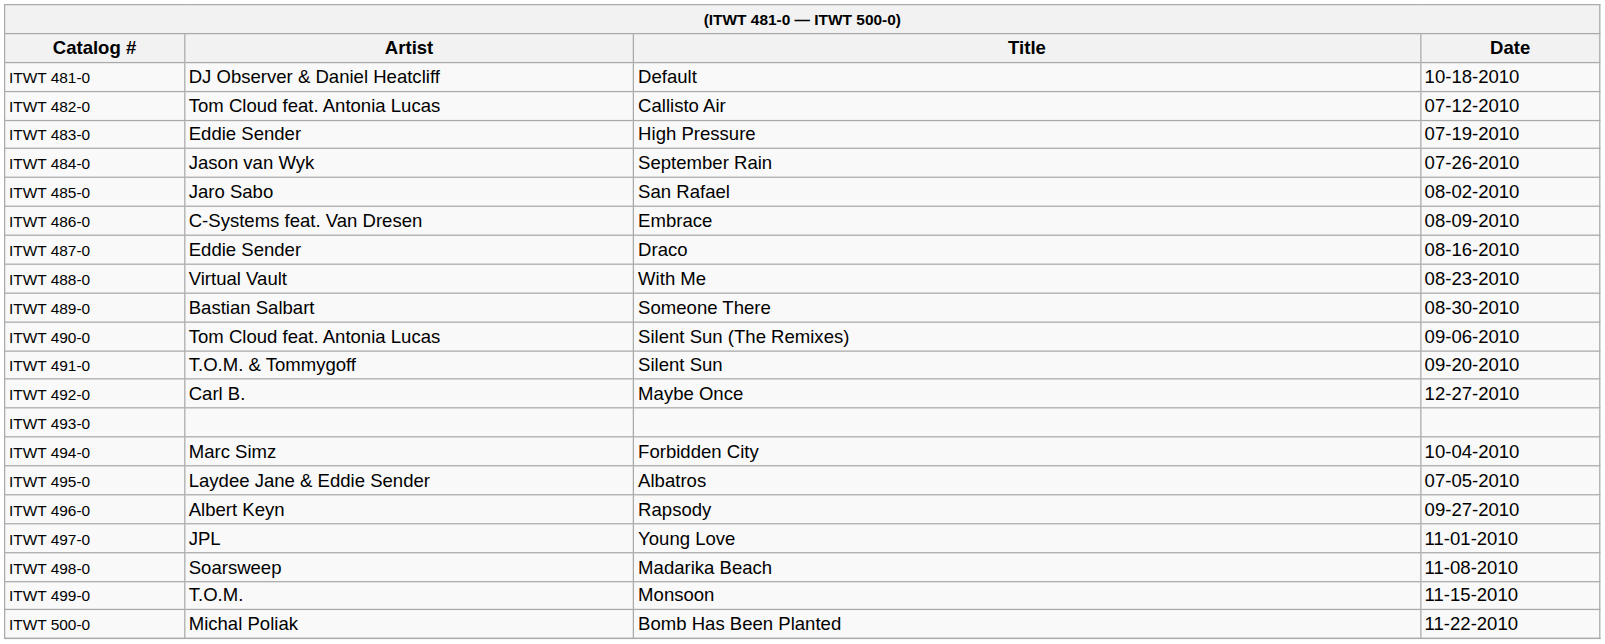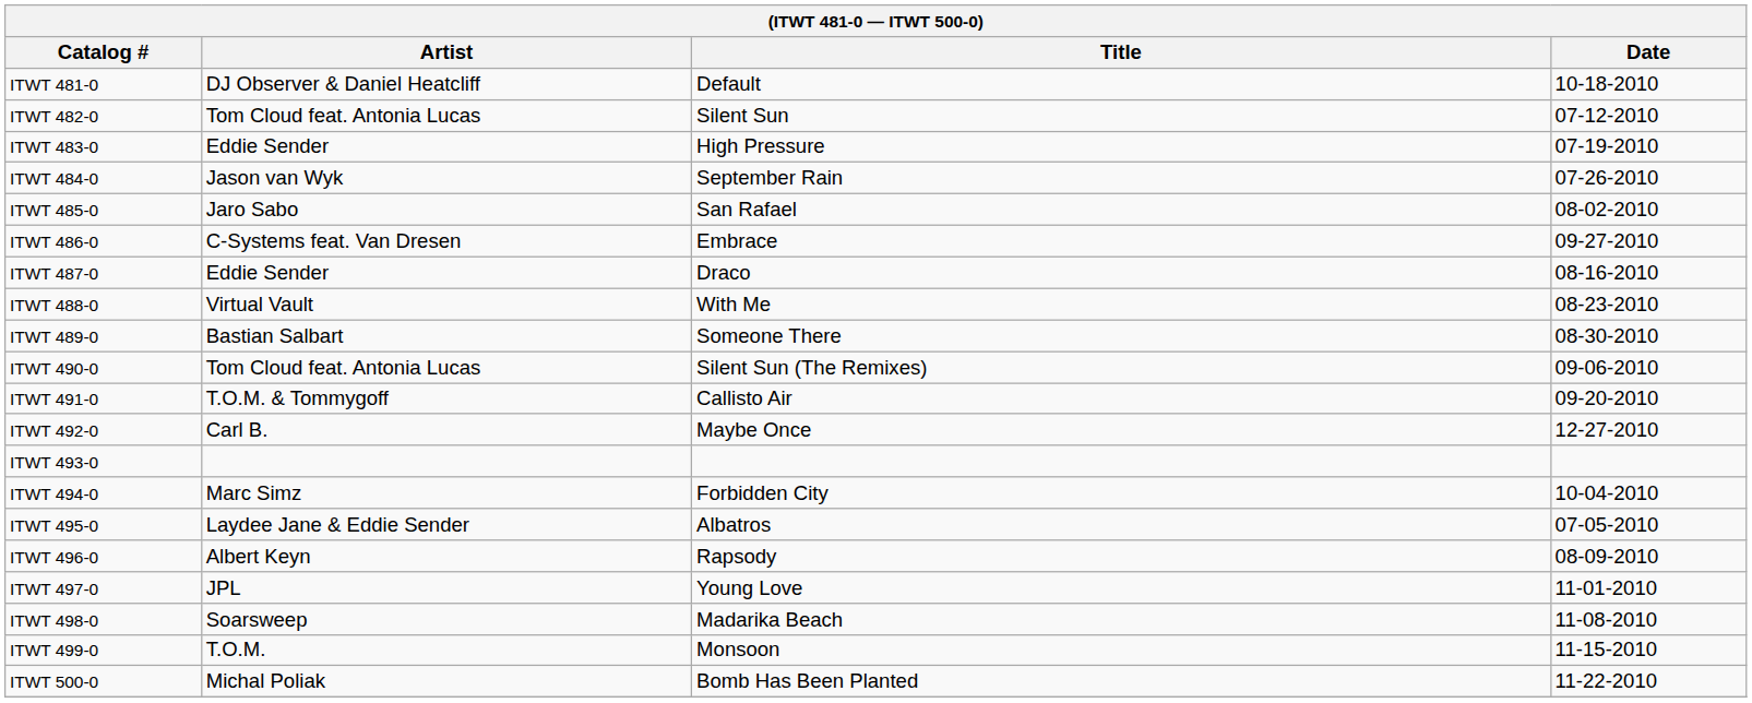 <table width="80%" class="wikitable collapsible collapsed" style="font-size:92%;position:relative;">
 <tr>
 <th colspan="5"><small>(ITWT 481-0 — ITWT 500-0)</small></th>
 </tr>
 <tr>
 <th width="8%">Catalog #</th>
 <th width="20%">Artist</th>
 <th width="35%">Title</th>
 <th width="8%">Date</th>
 </tr>
 <tr>
 <td><small>ITWT 481-0</small></td>
 <td>DJ Observer & Daniel Heatcliff</td>
 <td>Default</td>
 <td>10-18-2010</td>
 </tr>
 <tr>
 <td><small>ITWT 482-0</small></td>
 <td>Tom Cloud feat. Antonia Lucas</td>
-<td>Callisto Air</td>
+<td>Silent Sun</td>
 <td>07-12-2010</td>
 </tr>
 <tr>
 <td><small>ITWT 483-0</small></td>
 <td>Eddie Sender</td>
 <td>High Pressure</td>
 <td>07-19-2010</td>
 </tr>
 <tr>
 <td><small>ITWT 484-0</small></td>
 <td>Jason van Wyk</td>
 <td>September Rain</td>
 <td>07-26-2010</td>
 </tr>
 <tr>
 <td><small>ITWT 485-0</small></td>
 <td>Jaro Sabo</td>
 <td>San Rafael</td>
 <td>08-02-2010</td>
 </tr>
 <tr>
 <td><small>ITWT 486-0</small></td>
 <td>C-Systems feat. Van Dresen</td>
 <td>Embrace</td>
-<td>08-09-2010</td>
+<td>09-27-2010</td>
 </tr>
 <tr>
 <td><small>ITWT 487-0</small></td>
 <td>Eddie Sender</td>
 <td>Draco</td>
 <td>08-16-2010</td>
 </tr>
 <tr>
 <td><small>ITWT 488-0</small></td>
 <td>Virtual Vault</td>
 <td>With Me</td>
 <td>08-23-2010</td>
 </tr>
 <tr>
 <td><small>ITWT 489-0</small></td>
 <td>Bastian Salbart</td>
 <td>Someone There</td>
 <td>08-30-2010</td>
 </tr>
 <tr>
 <td><small>ITWT 490-0</small></td>
 <td>Tom Cloud feat. Antonia Lucas</td>
 <td>Silent Sun (The Remixes)</td>
 <td>09-06-2010</td>
 </tr>
 <tr>
 <td><small>ITWT 491-0</small></td>
 <td>T.O.M. & Tommygoff</td>
-<td>Silent Sun</td>
+<td>Callisto Air</td>
 <td>09-20-2010</td>
 </tr>
 <tr>
 <td><small>ITWT 492-0</small></td>
 <td>Carl B.</td>
 <td>Maybe Once</td>
 <td>12-27-2010</td>
 </tr>
 <tr>
 <td><small>ITWT 493-0</small></td>
 <td></td>
 <td></td>
 <td></td>
 </tr>
 <tr>
 <td><small>ITWT 494-0</small></td>
 <td>Marc Simz</td>
 <td>Forbidden City</td>
 <td>10-04-2010</td>
 </tr>
 <tr>
 <td><small>ITWT 495-0</small></td>
 <td>Laydee Jane & Eddie Sender</td>
 <td>Albatros</td>
 <td>07-05-2010</td>
 </tr>
 <tr>
 <td><small>ITWT 496-0</small></td>
 <td>Albert Keyn</td>
 <td>Rapsody</td>
-<td>09-27-2010</td>
+<td>08-09-2010</td>
 </tr>
 <tr>
 <td><small>ITWT 497-0</small></td>
 <td>JPL</td>
 <td>Young Love</td>
 <td>11-01-2010</td>
 </tr>
 <tr>
 <td><small>ITWT 498-0</small></td>
 <td>Soarsweep</td>
 <td>Madarika Beach</td>
 <td>11-08-2010</td>
 </tr>
 <tr>
 <td><small>ITWT 499-0</small></td>
 <td>T.O.M.</td>
 <td>Monsoon</td>
 <td>11-15-2010</td>
 </tr>
 <tr>
 <td><small>ITWT 500-0</small></td>
 <td>Michal Poliak</td>
 <td>Bomb Has Been Planted</td>
 <td>11-22-2010</td>
 </tr>
 <tr>
 </tr>
 </table>
